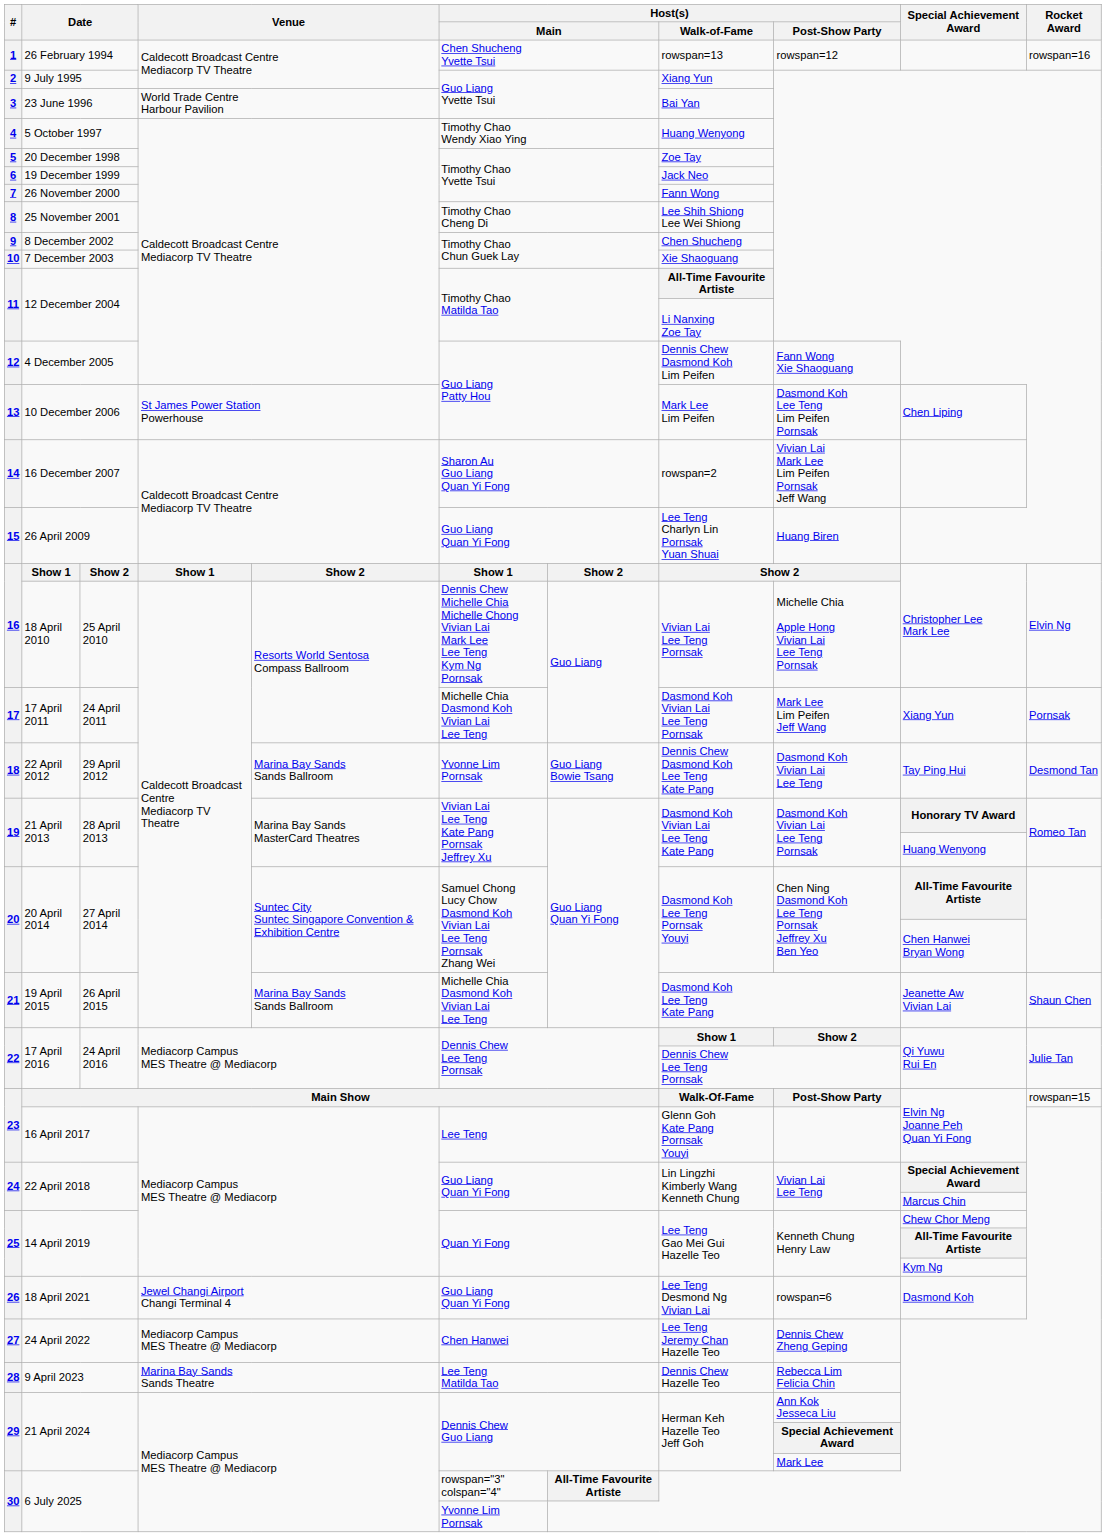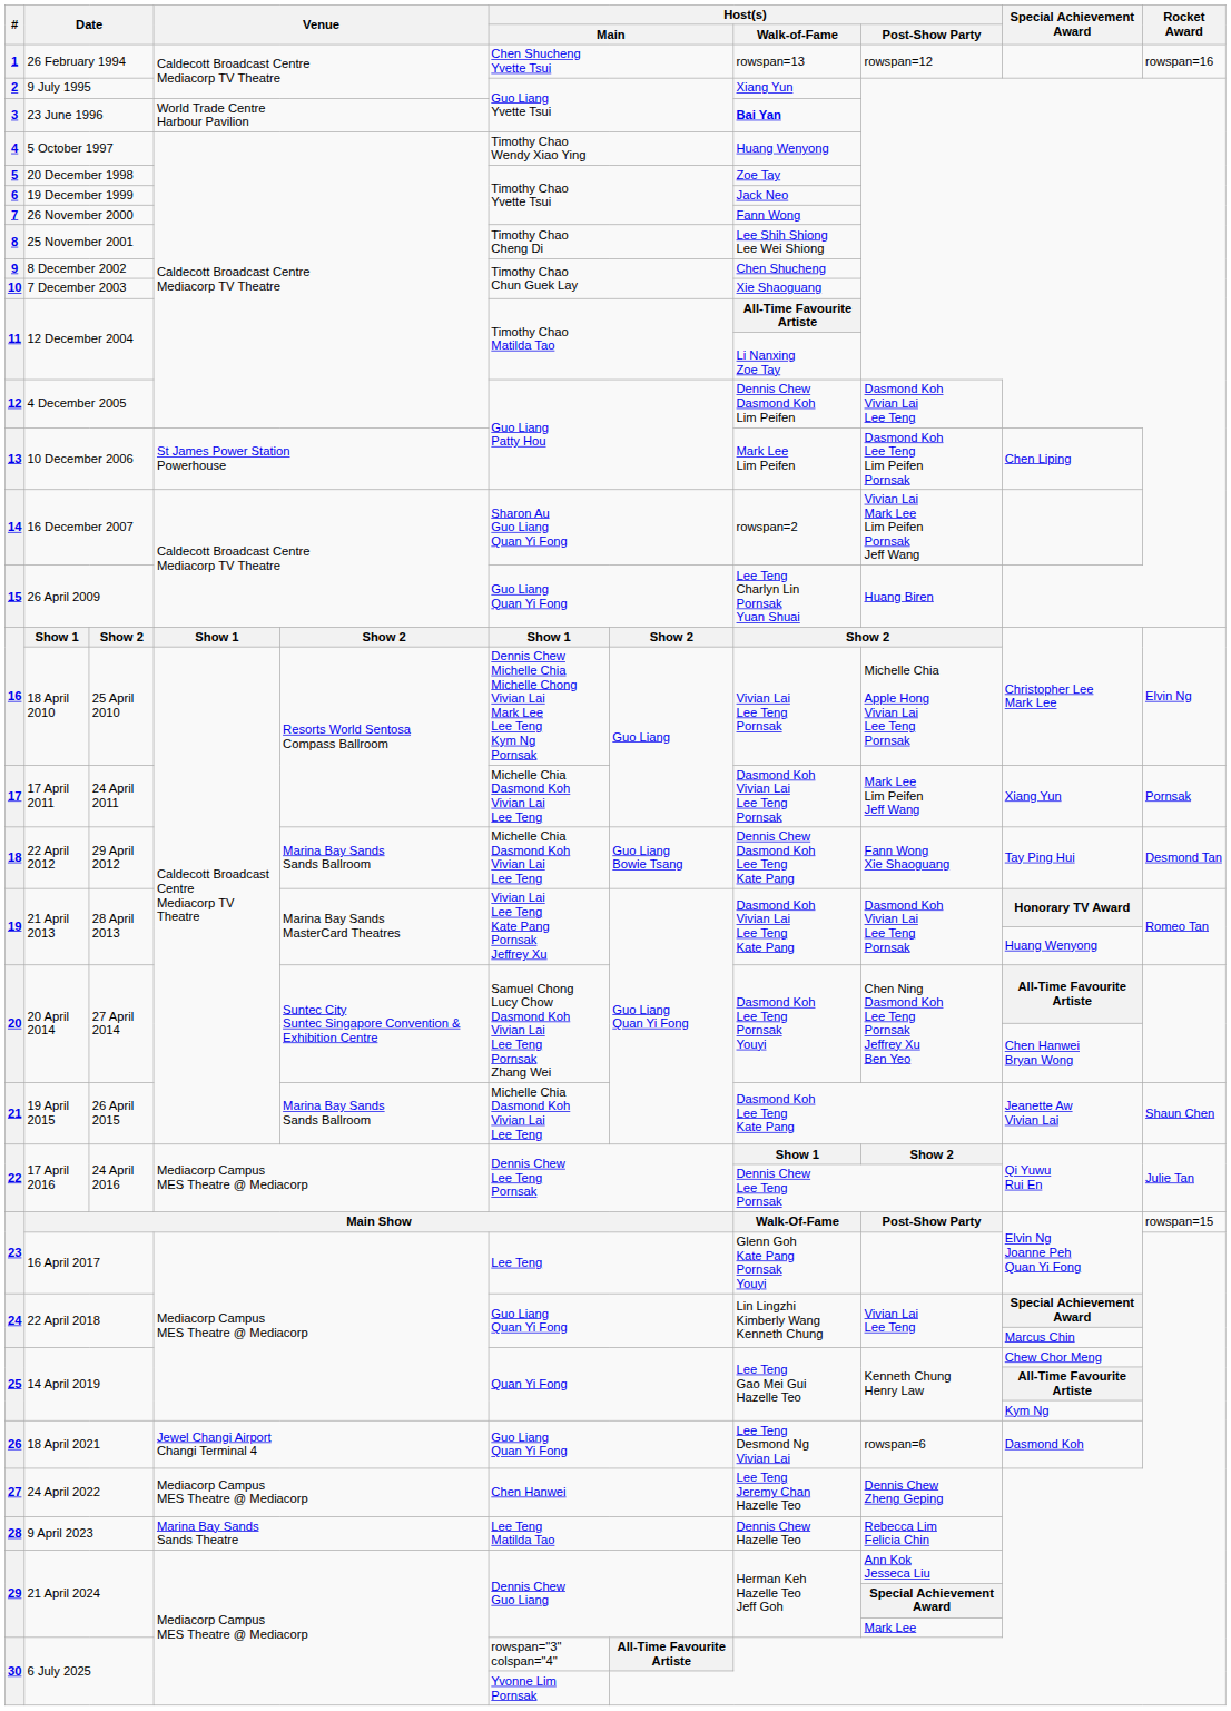 <table class="wikitable sortable">
 <tr>
 <th rowspan="2">#</th>
 <th colspan="2" rowspan="2">Date</th>
 <th colspan="2" rowspan="2">Venue</th>
 <th colspan="4">Host(s)</th>
 <th rowspan="2">Special Achievement Award</th>
 <th rowspan="2">Rocket Award</th>
 </tr>
 <tr>
 <th colspan="2">Main</th>
 <th>Walk-of-Fame</th>
 <th>Post-Show Party</th>
 </tr>
 <tr>
 <th style="text-align:center;"><strong><a href='#'>1</a></strong></th>
 <td colspan="2">26 February 1994</td>
 <td colspan="2" rowspan="2">Caldecott Broadcast Centre<br>Mediacorp TV Theatre</td>
 <td colspan="2"><a href='#'>Chen Shucheng</a><br><a href='#'>Yvette Tsui</a></td>
 <td>rowspan=13 </td>
 <td>rowspan=12 </td>
 <td></td>
 <td>rowspan=16 </td>
 </tr>
 <tr>
 <th style="text-align:center;"><strong><a href='#'>2</a></strong></th>
 <td colspan="2">9 July 1995</td>
 <td colspan="2" rowspan="2"><a href='#'>Guo Liang</a><br>Yvette Tsui</td>
 <td><a href='#'>Xiang Yun</a></td>
 </tr>
 <tr>
 <th style="text-align:center;"><strong><a href='#'>3</a></strong></th>
 <td colspan="2">23 June 1996</td>
 <td colspan="2">World Trade Centre<br>Harbour Pavilion</td>
-<td><a href='#'>Bai Yan</a></td>
+<td><strong><a href='#'>Bai Yan</a></strong></td>
 </tr>
 <tr>
 <th style="text-align:center;"><strong><a href='#'>4</a></strong></th>
 <td colspan="2">5 October 1997</td>
 <td colspan="2" rowspan="10">Caldecott Broadcast Centre<br>Mediacorp TV Theatre</td>
 <td colspan="2">Timothy Chao<br>Wendy Xiao Ying</td>
 <td><a href='#'>Huang Wenyong</a></td>
 </tr>
 <tr>
 <th style="text-align:center;"><strong><a href='#'>5</a></strong></th>
 <td colspan="2">20 December 1998</td>
 <td colspan="2" rowspan="3">Timothy Chao<br>Yvette Tsui</td>
 <td><a href='#'>Zoe Tay</a></td>
 </tr>
 <tr>
 <th style="text-align:center;"><strong><a href='#'>6</a></strong></th>
 <td colspan="2">19 December 1999</td>
 <td><a href='#'>Jack Neo</a></td>
 </tr>
 <tr>
 <th style="text-align:center;"><strong><a href='#'>7</a></strong></th>
 <td colspan="2">26 November 2000</td>
 <td><a href='#'>Fann Wong</a></td>
 </tr>
 <tr>
 <th style="text-align:center;"><strong><a href='#'>8</a></strong></th>
 <td colspan="2">25 November 2001</td>
 <td colspan="2">Timothy Chao<br>Cheng Di</td>
 <td><a href='#'>Lee Shih Shiong</a><br>Lee Wei Shiong</td>
 </tr>
 <tr>
 <th style="text-align:center;"><strong><a href='#'>9</a></strong></th>
 <td colspan="2">8 December 2002</td>
 <td colspan="2" rowspan="2">Timothy Chao<br>Chun Guek Lay</td>
 <td><a href='#'>Chen Shucheng</a></td>
 </tr>
 <tr>
 <th style="text-align:center;"><strong><a href='#'>10</a></strong></th>
 <td colspan="2">7 December 2003</td>
 <td><a href='#'>Xie Shaoguang</a></td>
 </tr>
 <tr>
 <th rowspan="2" style="text-align:center;"><strong><a href='#'>11</a></strong></th>
 <td colspan="2" rowspan="2">12 December 2004</td>
 <td colspan="2" rowspan="2">Timothy Chao<br><a href='#'>Matilda Tao</a></td>
 <th>All-Time Favourite Artiste</th>
 </tr>
 <tr>
 <td><br><a href='#'>Li Nanxing</a><br><a href='#'>Zoe Tay</a></td>
 </tr>
 <tr>
 <th style="text-align:center;"><strong><a href='#'>12</a></strong></th>
 <td colspan="2">4 December 2005</td>
 <td colspan="2" rowspan="2"><a href='#'>Guo Liang</a><br><a href='#'>Patty Hou</a></td>
 <td><a href='#'>Dennis Chew</a><br><a href='#'>Dasmond Koh</a><br>Lim Peifen</td>
-<td><a href='#'>Fann Wong</a><br><a href='#'>Xie Shaoguang</a></td>
+<td><a href='#'>Dasmond Koh</a><br><a href='#'>Vivian Lai</a><br><a href='#'>Lee Teng</a></td>
 </tr>
 <tr>
 <th style="text-align:center;"><strong><a href='#'>13</a></strong></th>
 <td colspan="2">10 December 2006</td>
 <td colspan="2"><a href='#'>St James Power Station</a><br>Powerhouse</td>
 <td><a href='#'>Mark Lee</a><br>Lim Peifen</td>
 <td><a href='#'>Dasmond Koh</a><br><a href='#'>Lee Teng</a><br>Lim Peifen<br><a href='#'>Pornsak</a></td>
 <td><a href='#'>Chen Liping</a></td>
 </tr>
 <tr>
 <th style="text-align:center;"><strong><a href='#'>14</a></strong></th>
 <td colspan="2">16 December 2007</td>
 <td colspan="2" rowspan="2">Caldecott Broadcast Centre<br>Mediacorp TV Theatre</td>
 <td colspan="2"><a href='#'>Sharon Au</a><br><a href='#'>Guo Liang</a><br><a href='#'>Quan Yi Fong</a></td>
 <td>rowspan=2 </td>
 <td><a href='#'>Vivian Lai</a><br><a href='#'>Mark Lee</a><br>Lim Peifen<br><a href='#'>Pornsak</a><br>Jeff Wang</td>
 <td></td>
 </tr>
 <tr>
 <th style="text-align:center;"><strong><a href='#'>15</a></strong></th>
 <td colspan="2">26 April 2009</td>
 <td colspan="2"><a href='#'>Guo Liang</a><br><a href='#'>Quan Yi Fong</a></td>
 <td><a href='#'>Lee Teng</a><br>Charlyn Lin<br><a href='#'>Pornsak</a><br><a href='#'>Yuan Shuai</a></td>
 <td><a href='#'>Huang Biren</a></td>
 </tr>
 <tr>
 <th rowspan="2" style="text-align:center;"><strong><a href='#'>16</a></strong></th>
 <th>Show 1</th>
 <th>Show 2</th>
 <th>Show 1</th>
 <th>Show 2</th>
 <th>Show 1</th>
 <th>Show 2</th>
 <th colspan="2">Show 2</th>
 <td rowspan="2"><a href='#'>Christopher Lee</a><br><a href='#'>Mark Lee</a></td>
 <td rowspan="2"><a href='#'>Elvin Ng</a></td>
 </tr>
 <tr>
 <td>18 April 2010</td>
 <td>25 April 2010</td>
 <td rowspan="8">Caldecott Broadcast Centre<br>Mediacorp TV Theatre</td>
 <td rowspan="2"><a href='#'>Resorts World Sentosa</a><br>Compass Ballroom</td>
 <td><a href='#'>Dennis Chew</a><br><a href='#'>Michelle Chia</a><br><a href='#'>Michelle Chong</a><br><a href='#'>Vivian Lai</a><br><a href='#'>Mark Lee</a><br><a href='#'>Lee Teng</a><br><a href='#'>Kym Ng</a><br><a href='#'>Pornsak</a></td>
 <td rowspan="2"><a href='#'>Guo Liang</a><br></td>
 <td><br><a href='#'>Vivian Lai</a><br><a href='#'>Lee Teng</a><br><a href='#'>Pornsak</a></td>
 <td>Michelle Chia<br><br><a href='#'>Apple Hong</a><br><a href='#'>Vivian Lai</a><br><a href='#'>Lee Teng</a><br><a href='#'>Pornsak</a></td>
 </tr>
 <tr>
 <th style="text-align:center;"><strong><a href='#'>17</a></strong></th>
 <td>17 April 2011</td>
 <td>24 April 2011</td>
 <td>Michelle Chia<br><a href='#'>Dasmond Koh</a><br><a href='#'>Vivian Lai</a><br><a href='#'>Lee Teng</a></td>
 <td><a href='#'>Dasmond Koh</a><br><a href='#'>Vivian Lai</a><br><a href='#'>Lee Teng</a><br><a href='#'>Pornsak</a></td>
 <td><a href='#'>Mark Lee</a><br>Lim Peifen<br><a href='#'>Jeff Wang</a></td>
 <td><a href='#'>Xiang Yun</a></td>
 <td><a href='#'>Pornsak</a></td>
 </tr>
 <tr>
 <th style="text-align:center;"><strong><a href='#'>18</a></strong></th>
 <td>22 April 2012</td>
 <td>29 April 2012</td>
 <td><a href='#'>Marina Bay Sands</a><br>Sands Ballroom</td>
-<td><a href='#'>Yvonne Lim</a> <br> <a href='#'>Pornsak</a></td>
+<td>Michelle Chia<br><a href='#'>Dasmond Koh</a><br><a href='#'>Vivian Lai</a><br><a href='#'>Lee Teng</a></td>
 <td><a href='#'>Guo Liang</a><br><a href='#'>Bowie Tsang</a></td>
 <td><a href='#'>Dennis Chew</a><br><a href='#'>Dasmond Koh</a><br><a href='#'>Lee Teng</a><br><a href='#'>Kate Pang</a></td>
-<td><a href='#'>Dasmond Koh</a><br><a href='#'>Vivian Lai</a><br><a href='#'>Lee Teng</a></td>
+<td><a href='#'>Fann Wong</a><br><a href='#'>Xie Shaoguang</a></td>
 <td><a href='#'>Tay Ping Hui</a></td>
 <td><a href='#'>Desmond Tan</a></td>
 </tr>
 <tr>
 <th rowspan="2" style="text-align:center;"><strong><a href='#'>19</a></strong></th>
 <td rowspan="2">21 April 2013</td>
 <td rowspan="2">28 April 2013</td>
 <td rowspan="2">Marina Bay Sands<br>MasterCard Theatres</td>
 <td rowspan="2"><a href='#'>Vivian Lai</a><br><a href='#'>Lee Teng</a><br><a href='#'>Kate Pang</a><br><a href='#'>Pornsak</a><br><a href='#'>Jeffrey Xu</a></td>
 <td rowspan="5"><a href='#'>Guo Liang</a><br><a href='#'>Quan Yi Fong</a></td>
 <td rowspan="2"><a href='#'>Dasmond Koh</a><br><a href='#'>Vivian Lai</a><br><a href='#'>Lee Teng</a><br><a href='#'>Kate Pang</a></td>
 <td rowspan="2"><a href='#'>Dasmond Koh</a><br><a href='#'>Vivian Lai</a><br><a href='#'>Lee Teng</a><br><a href='#'>Pornsak</a></td>
 <th>Honorary TV Award</th>
 <td rowspan="2"><a href='#'>Romeo Tan</a></td>
 </tr>
 <tr>
 <td><a href='#'>Huang Wenyong</a></td>
 </tr>
 <tr>
 <th rowspan="2" style="text-align:center;"><strong><a href='#'>20</a></strong></th>
 <td rowspan="2">20 April 2014</td>
 <td rowspan="2">27 April 2014</td>
 <td rowspan="2"><a href='#'>Suntec City</a><br><a href='#'>Suntec Singapore Convention & Exhibition Centre</a></td>
 <td rowspan="2"><br>Samuel Chong<br>Lucy Chow<br><a href='#'>Dasmond Koh</a><br><a href='#'>Vivian Lai</a><br><a href='#'>Lee Teng</a><br><a href='#'>Pornsak</a><br>Zhang Wei</td>
 <td rowspan="2"><a href='#'>Dasmond Koh</a><br><a href='#'>Lee Teng</a><br><a href='#'>Pornsak</a><br><a href='#'>Youyi</a></td>
 <td rowspan="2">Chen Ning<br><a href='#'>Dasmond Koh</a><br><a href='#'>Lee Teng</a><br><a href='#'>Pornsak</a><br><a href='#'>Jeffrey Xu</a><br><a href='#'>Ben Yeo</a></td>
 <th>All-Time Favourite Artiste</th>
 <td rowspan="2"></td>
 </tr>
 <tr>
 <td><a href='#'>Chen Hanwei</a><br><a href='#'>Bryan Wong</a></td>
 </tr>
 <tr>
 <th style="text-align:center;"><strong><a href='#'>21</a></strong></th>
 <td>19 April 2015</td>
 <td>26 April 2015</td>
 <td><a href='#'>Marina Bay Sands</a><br>Sands Ballroom</td>
 <td>Michelle Chia<br><a href='#'>Dasmond Koh</a><br><a href='#'>Vivian Lai</a><br><a href='#'>Lee Teng</a></td>
 <td colspan="2"><a href='#'>Dasmond Koh</a><br><a href='#'>Lee Teng</a><br><a href='#'>Kate Pang</a></td>
 <td><a href='#'>Jeanette Aw</a><br><a href='#'>Vivian Lai</a></td>
 <td><a href='#'>Shaun Chen</a></td>
 </tr>
 <tr>
 <th rowspan="2" style="text-align:center;"><strong><a href='#'>22</a></strong></th>
 <td rowspan="2">17 April 2016</td>
 <td rowspan="2">24 April 2016</td>
 <td colspan="2" rowspan="2">Mediacorp Campus<br>MES Theatre @ Mediacorp</td>
 <td colspan="2" rowspan="2"><a href='#'>Dennis Chew</a><br><a href='#'>Lee Teng</a><br><a href='#'>Pornsak</a></td>
 <th>Show 1</th>
 <th>Show 2</th>
 <td rowspan="2"><a href='#'>Qi Yuwu</a><br><a href='#'>Rui En</a></td>
 <td rowspan="2"><a href='#'>Julie Tan</a></td>
 </tr>
 <tr>
 <td colspan="2"><a href='#'>Dennis Chew</a><br><a href='#'>Lee Teng</a><br><a href='#'>Pornsak</a></td>
 </tr>
 <tr>
 <th rowspan="2" style="text-align:center;"><strong><a href='#'>23</a></strong></th>
 <th colspan="6">Main Show</th>
 <th>Walk-Of-Fame</th>
 <th colspan="1">Post-Show Party</th>
 <td rowspan="2"><a href='#'>Elvin Ng</a><br><a href='#'>Joanne Peh</a><br><a href='#'>Quan Yi Fong</a></td>
 <td>rowspan=15 </td>
 </tr>
 <tr>
 <td colspan="2">16 April 2017</td>
 <td colspan="2" rowspan="6">Mediacorp Campus<br>MES Theatre @ Mediacorp</td>
 <td colspan="2"><a href='#'>Lee Teng</a></td>
 <td>Glenn Goh<br><a href='#'>Kate Pang</a><br><a href='#'>Pornsak</a><br><a href='#'>Youyi</a></td>
 <td></td>
 </tr>
 <tr>
 <th rowspan="2" style="text-align:center;"><strong><a href='#'>24</a></strong></th>
 <td colspan="2" rowspan="2">22 April 2018</td>
 <td colspan="2" rowspan="2"><a href='#'>Guo Liang</a><br><a href='#'>Quan Yi Fong</a></td>
 <td rowspan="2">Lin Lingzhi<br>Kimberly Wang<br>Kenneth Chung</td>
 <td rowspan="2"><a href='#'>Vivian Lai</a><br><a href='#'>Lee Teng</a></td>
 <th>Special Achievement Award</th>
 </tr>
 <tr>
 <td><a href='#'>Marcus Chin</a></td>
 </tr>
 <tr>
 <th rowspan="3" style="text-align:center;"><strong><a href='#'>25</a></strong></th>
 <td colspan="2" rowspan="3">14 April 2019</td>
 <td colspan="2" rowspan="3"><a href='#'>Quan Yi Fong</a></td>
 <td rowspan="3"><a href='#'>Lee Teng</a> <br> Gao Mei Gui<br> Hazelle Teo</td>
 <td rowspan="3">Kenneth Chung<br>Henry Law</td>
 <td><a href='#'>Chew Chor Meng</a></td>
 </tr>
 <tr>
 <th>All-Time Favourite Artiste</th>
 </tr>
 <tr>
 <td><a href='#'>Kym Ng</a></td>
 </tr>
 <tr>
 <th style="text-align:center;"><strong><a href='#'>26</a></strong></th>
 <td colspan="2" rowspan="1">18 April 2021</td>
 <td colspan="2"><a href='#'>Jewel Changi Airport</a> <br> Changi Terminal 4</td>
 <td colspan="2"><a href='#'>Guo Liang</a> <br> <a href='#'>Quan Yi Fong</a></td>
 <td><a href='#'>Lee Teng</a> <br> Desmond Ng <br> <a href='#'>Vivian Lai</a></td>
 <td>rowspan=6 </td>
 <td><a href='#'>Dasmond Koh</a></td>
 </tr>
 <tr>
 <th style="text-align:center;"><strong><a href='#'>27</a></strong></th>
 <td colspan="2">24 April 2022</td>
 <td colspan="2">Mediacorp Campus<br>MES Theatre @ Mediacorp</td>
 <td colspan="2"><a href='#'>Chen Hanwei</a></td>
 <td><a href='#'>Lee Teng</a> <br> <a href='#'>Jeremy Chan</a> <br> Hazelle Teo</td>
 <td><a href='#'>Dennis Chew</a><br><a href='#'>Zheng Geping</a></td>
 </tr>
 <tr>
 <th style="text-align:center;"><strong><a href='#'>28</a></strong></th>
 <td colspan="2">9 April 2023</td>
 <td colspan="2"><a href='#'>Marina Bay Sands</a> <br> Sands Theatre</td>
 <td colspan="2"><a href='#'>Lee Teng</a> <br><a href='#'>Matilda Tao</a></td>
 <td><a href='#'>Dennis Chew</a> <br> Hazelle Teo</td>
 <td><a href='#'>Rebecca Lim</a> <br> <a href='#'>Felicia Chin</a></td>
 </tr>
 <tr>
 <th rowspan="3" style="text-align:center;"><strong><a href='#'>29</a></strong></th>
 <td rowspan="3" colspan="2">21 April 2024</td>
 <td rowspan="5" colspan="2">Mediacorp Campus<br>MES Theatre @ Mediacorp</td>
 <td rowspan="3" colspan="2"><a href='#'>Dennis Chew</a> <br> <a href='#'>Guo Liang</a></td>
 <td rowspan="3">Herman Keh <br> Hazelle Teo <br> Jeff Goh</td>
 <td><a href='#'>Ann Kok</a> <br> <a href='#'>Jesseca Liu</a></td>
 </tr>
 <tr>
 <th>Special Achievement Award</th>
 </tr>
 <tr>
 <td><a href='#'>Mark Lee</a></td>
 </tr>
 <tr>
 <th rowspan="3" style="text-align:center;"><strong><a href='#'>30</a></strong></th>
 <td rowspan="3" colspan="2">6 July 2025</td>
 <td>rowspan="3" colspan="4" </td>
 <th colspan="1">All-Time Favourite Artiste</th>
 </tr>
 <tr>
 <td><a href='#'>Yvonne Lim</a> <br> <a href='#'>Pornsak</a></td>
 </tr>
 </table>
